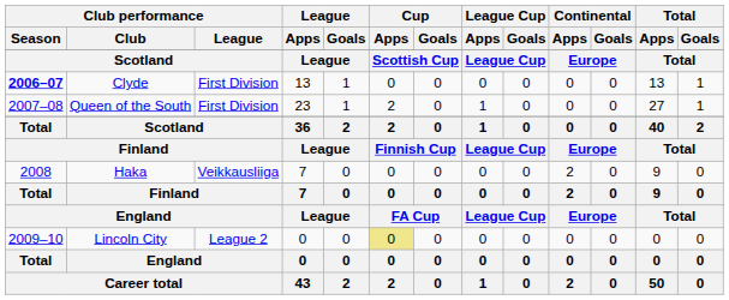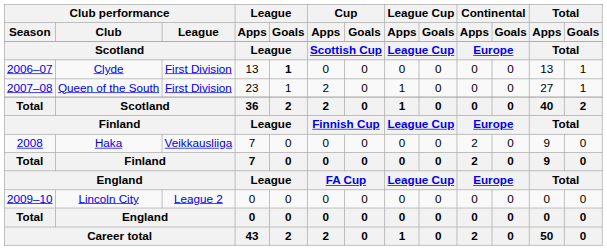 <table class="wikitable" style="text-align:center">
 <tr>
 <th colspan=3>Club performance</th>
 <th colspan=2>League</th>
 <th colspan=2>Cup</th>
 <th colspan=2>League Cup</th>
 <th colspan=2>Continental</th>
 <th colspan=2>Total</th>
 </tr>
 <tr>
 <th>Season</th>
 <th>Club</th>
 <th>League</th>
 <th>Apps</th>
 <th>Goals</th>
 <th>Apps</th>
 <th>Goals</th>
 <th>Apps</th>
 <th>Goals</th>
 <th>Apps</th>
 <th>Goals</th>
 <th>Apps</th>
 <th>Goals</th>
 </tr>
 <tr>
 </tr>
 <tr>
 <th colspan=3>Scotland</th>
 <th colspan=2>League</th>
 <th colspan=2><a href='#'>Scottish Cup</a></th>
 <th colspan=2><a href='#'>League Cup</a></th>
 <th colspan=2><a href='#'>Europe</a></th>
 <th colspan=2>Total</th>
 </tr>
 <tr>
-<td><strong><a href='#'>2006–07</a></strong></td>
+<td><a href='#'>2006–07</a></td>
 <td><a href='#'>Clyde</a></td>
 <td><a href='#'>First Division</a></td>
 <td>13</td>
-<td>1</td>
+<td><strong>1</strong></td>
 <td>0</td>
 <td>0</td>
 <td>0</td>
 <td>0</td>
 <td>0</td>
 <td>0</td>
 <td>13</td>
 <td>1</td>
 </tr>
 <tr>
 <td><a href='#'>2007–08</a></td>
 <td><a href='#'>Queen of the South</a></td>
 <td><a href='#'>First Division</a></td>
 <td>23</td>
 <td>1</td>
 <td>2</td>
 <td>0</td>
 <td>1</td>
 <td>0</td>
 <td>0</td>
 <td>0</td>
 <td>27</td>
 <td>1</td>
 </tr>
 <tr>
 </tr>
 <tr>
 <th>Total</th>
 <th colspan=2>Scotland</th>
 <th>36</th>
 <th>2</th>
 <th>2</th>
 <th>0</th>
 <th>1</th>
 <th>0</th>
 <th>0</th>
 <th>0</th>
 <th>40</th>
 <th>2</th>
 </tr>
 <tr>
 <th colspan=3>Finland</th>
 <th colspan=2>League</th>
 <th colspan=2><a href='#'>Finnish Cup</a></th>
 <th colspan=2><a href='#'>League Cup</a></th>
 <th colspan=2><a href='#'>Europe</a></th>
 <th colspan=2>Total</th>
 </tr>
 <tr>
 <td><a href='#'>2008</a></td>
 <td><a href='#'>Haka</a></td>
 <td><a href='#'>Veikkausliiga</a></td>
 <td>7</td>
 <td>0</td>
 <td>0</td>
 <td>0</td>
 <td>0</td>
 <td>0</td>
 <td>2</td>
 <td>0</td>
 <td>9</td>
 <td>0</td>
 </tr>
 <tr>
 <th>Total</th>
 <th colspan=2>Finland</th>
 <th>7</th>
 <th>0</th>
 <th>0</th>
 <th>0</th>
 <th>0</th>
 <th>0</th>
 <th>2</th>
 <th>0</th>
 <th>9</th>
 <th>0</th>
 </tr>
 <tr>
 <th colspan=3>England</th>
 <th colspan=2>League</th>
 <th colspan=2><a href='#'>FA Cup</a></th>
 <th colspan=2><a href='#'>League Cup</a></th>
 <th colspan=2><a href='#'>Europe</a></th>
 <th colspan=2>Total</th>
 </tr>
 <tr>
 <td><a href='#'>2009–10</a></td>
 <td><a href='#'>Lincoln City</a></td>
 <td><a href='#'>League 2</a></td>
 <td>0</td>
 <td>0</td>
-<td style="background: khaki;">0</td>
+<td>0</td>
 <td>0</td>
 <td>0</td>
 <td>0</td>
 <td>0</td>
 <td>0</td>
 <td>0</td>
 <td>0</td>
 </tr>
 <tr>
 <th>Total</th>
 <th colspan=2>England</th>
 <th>0</th>
 <th>0</th>
 <th>0</th>
 <th>0</th>
 <th>0</th>
 <th>0</th>
 <th>0</th>
 <th>0</th>
 <th>0</th>
 <th>0</th>
 </tr>
 <tr>
 <th colspan=3>Career total</th>
 <th>43</th>
 <th>2</th>
 <th>2</th>
 <th>0</th>
 <th>1</th>
 <th>0</th>
 <th>2</th>
 <th>0</th>
 <th>50</th>
 <th>0</th>
 </tr>
 </table>
